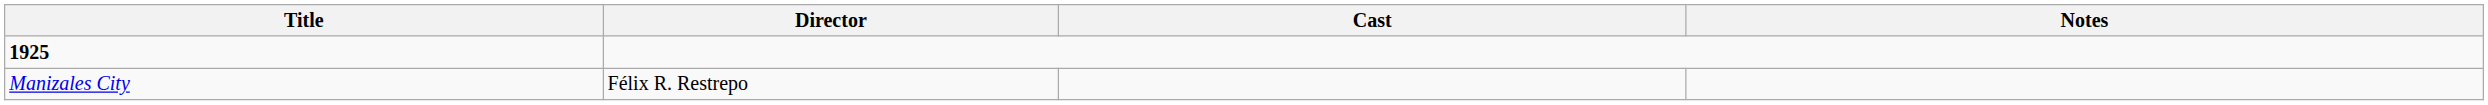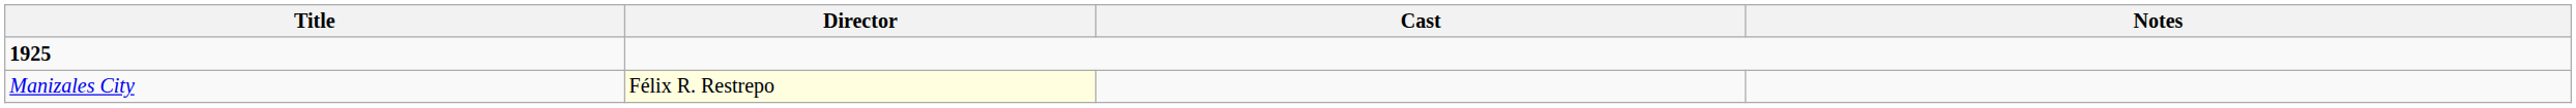 <table class="wikitable" width= "100%">
 <tr>
 <th width=21%>Title</th>
 <th width=16%>Director</th>
 <th width=22%>Cast</th>
 <th width=28%>Notes</th>
 </tr>
 <tr>
 <td><strong>1925</strong></td>
 </tr>
 <tr>
 <td><em><a href='#'>Manizales City</a></em></td>
-<td>Félix R. Restrepo</td>
+<td style="background: lightyellow;">Félix R. Restrepo</td>
 <td></td>
 <td></td>
 </tr>
 </table>
